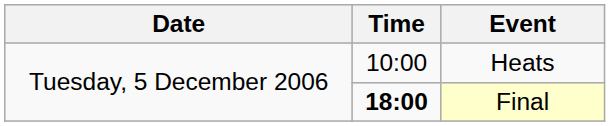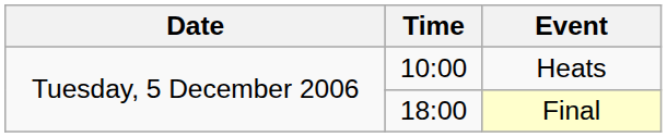 <table class = "wikitable" style="text-align:center;">
 <tr>
 <th width=220>Date</th>
 <th width=50>Time</th>
 <th width=100>Event</th>
 </tr>
 <tr>
 <td rowspan=2>Tuesday, 5 December 2006</td>
 <td>10:00</td>
 <td>Heats</td>
 </tr>
 <tr>
-<td><strong>18:00</strong></td>
+<td>18:00</td>
 <td bgcolor=ffffcc>Final</td>
 </tr>
 </table>
